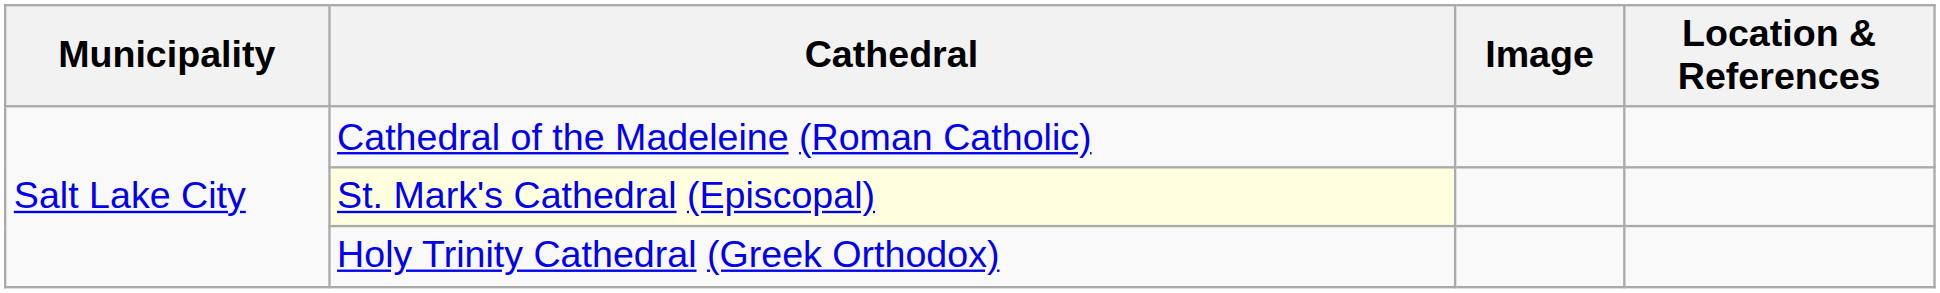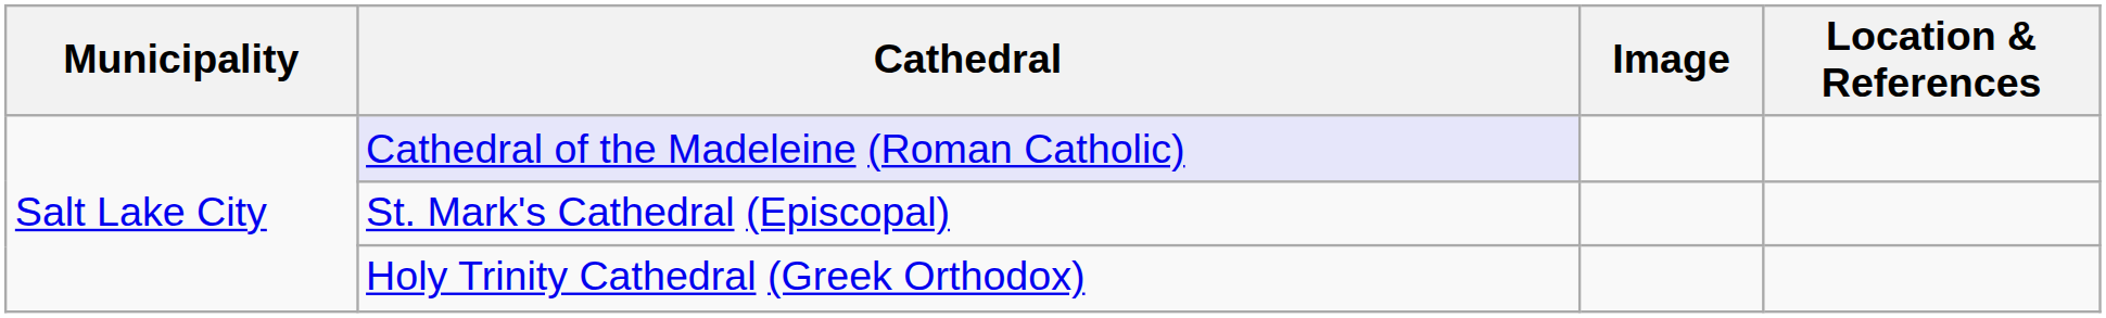 <table width=65% class="wikitable">
 <tr>
 <th width = 10%>Municipality</th>
 <th width = 40%>Cathedral</th>
 <th width = 5%>Image</th>
 <th width = 10%>Location & References</th>
 </tr>
 <tr>
 <td rowspan=3><a href='#'>Salt Lake City</a></td>
-<td><a href='#'>Cathedral of the Madeleine</a> <a href='#'>(Roman Catholic)</a></td>
+<td style="background: lavender;"><a href='#'>Cathedral of the Madeleine</a> <a href='#'>(Roman Catholic)</a></td>
 <td></td>
 <td><small></small><br></td>
 </tr>
 <tr>
-<td style="background: lightyellow;"><a href='#'>St. Mark's Cathedral</a> <a href='#'>(Episcopal)</a></td>
+<td><a href='#'>St. Mark's Cathedral</a> <a href='#'>(Episcopal)</a></td>
 <td></td>
 <td><small></small><br></td>
 </tr>
 <tr>
 <td><a href='#'>Holy Trinity Cathedral</a> <a href='#'>(Greek Orthodox)</a></td>
 <td></td>
 <td><small></small><br></td>
 </tr>
 </table>
